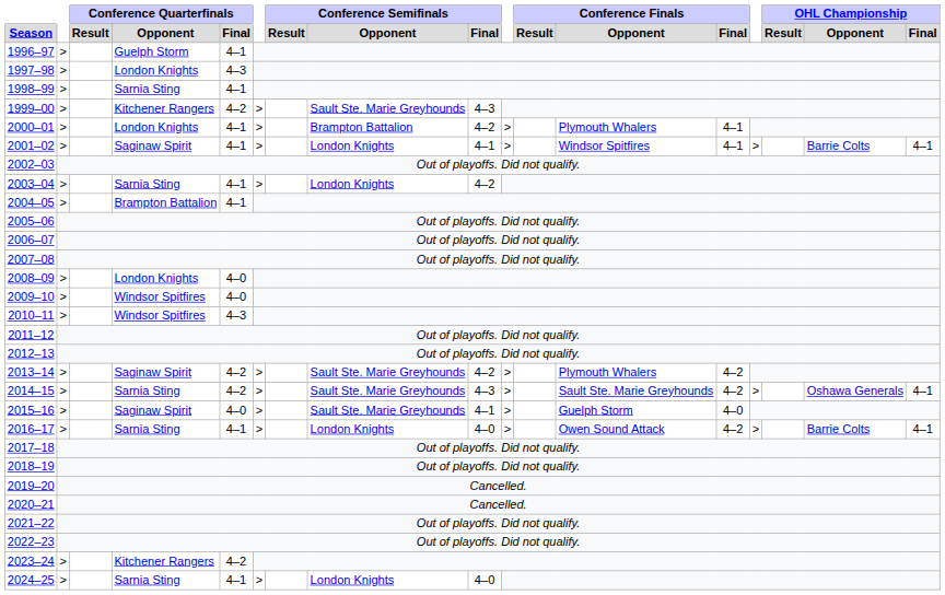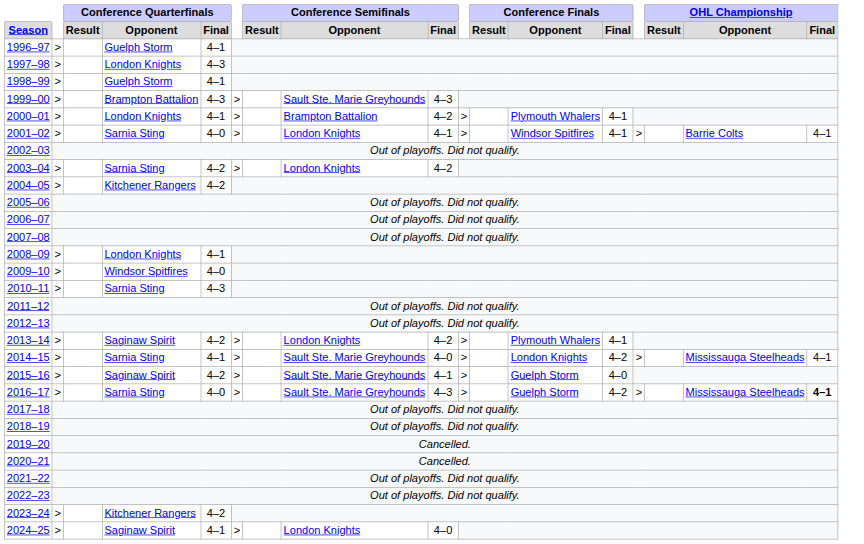 <table border="1" cellpadding="3" cellspacing="1" bgcolor="#ffffff" cellpadding="5" style="border: 1px #aaaaaa solid; border-collapse: collapse;">
 <tr align="center" bgcolor="#fff">
 <th colspan="2" style="border-top: 1px solid #FFF; border-left: 1px solid #FFF;"></th>
 <th bgcolor="#ccf" colspan="3">Conference Quarterfinals</th>
 <th style="border-top: 1px solid #FFF;"></th>
 <th bgcolor="#ccf" colspan="3">Conference Semifinals</th>
 <th style="border-top: 1px solid #FFF;"></th>
 <th bgcolor="#ccf" colspan="3">Conference Finals</th>
 <th style="border-top: 1px solid #FFF;"></th>
 <th bgcolor="#ccf" colspan="3"><a href='#'>OHL Championship</a></th>
 </tr>
 <tr align="center" bgcolor="#ddd">
 <th><a href='#'>Season</a></th>
 <th style="border-top: 1px solid #FFF; " bgcolor="#fff"></th>
 <th>Result</th>
 <th>Opponent</th>
 <th>Final</th>
 <th style="border-top: 1px solid #FFF; " bgcolor="#fff"></th>
 <th>Result</th>
 <th>Opponent</th>
 <th>Final</th>
 <th style="border-top: 1px solid #FFF; " bgcolor="#fff"></th>
 <th>Result</th>
 <th>Opponent</th>
 <th>Final</th>
 <th style="border-top: 1px solid #FFF; " bgcolor="#fff"></th>
 <th>Result</th>
 <th>Opponent</th>
 <th>Final</th>
 </tr>
 <tr align="center">
 <td><a href='#'>1996–97</a></td>
 <td>></td>
 <td></td>
 <td align="left"><a href='#'>Guelph Storm</a></td>
 <td>4–1</td>
 <td bgcolor="#f8f9fa" colspan="12"></td>
 </tr>
 <tr align="center">
 <td><a href='#'>1997–98</a></td>
 <td>></td>
 <td></td>
 <td align="left"><a href='#'>London Knights</a></td>
 <td>4–3</td>
 <td bgcolor="#f8f9fa" colspan="12"></td>
 </tr>
 <tr align="center">
 <td><a href='#'>1998–99</a></td>
 <td>></td>
 <td></td>
-<td align="left"><a href='#'>Sarnia Sting</a></td>
+<td align="left"><a href='#'>Guelph Storm</a></td>
 <td>4–1</td>
 <td bgcolor="#f8f9fa" colspan="12"></td>
 </tr>
 <tr align="center">
 <td><a href='#'>1999–00</a></td>
 <td>></td>
 <td></td>
-<td align="left"><a href='#'>Kitchener Rangers</a></td>
-<td>4–2</td>
+<td align="left"><a href='#'>Brampton Battalion</a></td>
+<td>4–3</td>
 <td>></td>
 <td></td>
 <td align="left"><a href='#'>Sault Ste. Marie Greyhounds</a></td>
 <td>4–3</td>
 <td bgcolor="#f8f9fa" colspan="8"></td>
 </tr>
 <tr align="center">
 <td><a href='#'>2000–01</a></td>
 <td>></td>
 <td></td>
 <td align="left"><a href='#'>London Knights</a></td>
 <td>4–1</td>
 <td>></td>
 <td></td>
 <td align="left"><a href='#'>Brampton Battalion</a></td>
 <td>4–2</td>
 <td>></td>
 <td></td>
 <td align="left"><a href='#'>Plymouth Whalers</a></td>
 <td>4–1</td>
 <td bgcolor="#f8f9fa" colspan="4"></td>
 </tr>
 <tr align="center">
 <td><a href='#'>2001–02</a></td>
 <td>></td>
 <td></td>
-<td align="left"><a href='#'>Saginaw Spirit</a></td>
-<td>4–1</td>
+<td align="left"><a href='#'>Sarnia Sting</a></td>
+<td>4–0</td>
 <td>></td>
 <td></td>
 <td align="left"><a href='#'>London Knights</a></td>
 <td>4–1</td>
 <td>></td>
 <td></td>
 <td align="left"><a href='#'>Windsor Spitfires</a></td>
 <td>4–1</td>
 <td>></td>
 <td></td>
 <td align="left"><a href='#'>Barrie Colts</a></td>
 <td>4–1</td>
 </tr>
 <tr align="center">
 <td><a href='#'>2002–03</a></td>
 <td align="center" bgcolor="#f8f9fa" colspan="16"><em>Out of playoffs. Did not qualify.</em></td>
 </tr>
 <tr align="center">
 <td><a href='#'>2003–04</a></td>
 <td>></td>
 <td></td>
 <td align="left"><a href='#'>Sarnia Sting</a></td>
-<td>4–1</td>
+<td>4–2</td>
 <td>></td>
 <td></td>
 <td align="left"><a href='#'>London Knights</a></td>
 <td>4–2</td>
 <td bgcolor="#f8f9fa" colspan="8"></td>
 </tr>
 <tr align="center">
 <td><a href='#'>2004–05</a></td>
 <td>></td>
 <td></td>
-<td align="left"><a href='#'>Brampton Battalion</a></td>
-<td>4–1</td>
+<td align="left"><a href='#'>Kitchener Rangers</a></td>
+<td>4–2</td>
 <td bgcolor="#f8f9fa" colspan="12"></td>
 </tr>
 <tr align="center">
 <td><a href='#'>2005–06</a></td>
 <td align="center" bgcolor="#f8f9fa" colspan="16"><em>Out of playoffs. Did not qualify.</em></td>
 </tr>
 <tr align="center">
 <td><a href='#'>2006–07</a></td>
 <td align="center" bgcolor="#f8f9fa" colspan="16"><em>Out of playoffs. Did not qualify.</em></td>
 </tr>
 <tr align="center">
 <td><a href='#'>2007–08</a></td>
 <td align="center" bgcolor="#f8f9fa" colspan="16"><em>Out of playoffs. Did not qualify.</em></td>
 </tr>
 <tr align="center">
 <td><a href='#'>2008–09</a></td>
 <td>></td>
 <td></td>
 <td align="left"><a href='#'>London Knights</a></td>
-<td>4–0</td>
+<td>4–1</td>
 <td bgcolor="#f8f9fa" colspan="12"></td>
 </tr>
 <tr align="center">
 <td><a href='#'>2009–10</a></td>
 <td>></td>
 <td></td>
 <td align="left"><a href='#'>Windsor Spitfires</a></td>
 <td>4–0</td>
 <td bgcolor="#f8f9fa" colspan="12"></td>
 </tr>
 <tr align="center">
 <td><a href='#'>2010–11</a></td>
 <td>></td>
 <td></td>
-<td align="left"><a href='#'>Windsor Spitfires</a></td>
+<td align="left"><a href='#'>Sarnia Sting</a></td>
 <td>4–3</td>
 <td bgcolor="#f8f9fa" colspan="12"></td>
 </tr>
 <tr align="center">
 <td><a href='#'>2011–12</a></td>
 <td align="center" bgcolor="#f8f9fa" colspan="16"><em>Out of playoffs. Did not qualify.</em></td>
 </tr>
 <tr align="center">
 <td><a href='#'>2012–13</a></td>
 <td align="center" bgcolor="#f8f9fa" colspan="16"><em>Out of playoffs. Did not qualify.</em></td>
 </tr>
 <tr align="center">
 <td><a href='#'>2013–14</a></td>
 <td>></td>
 <td></td>
 <td align="left"><a href='#'>Saginaw Spirit</a></td>
 <td>4–2</td>
 <td>></td>
 <td></td>
-<td align="left"><a href='#'>Sault Ste. Marie Greyhounds</a></td>
+<td align="left"><a href='#'>London Knights</a></td>
 <td>4–2</td>
 <td>></td>
 <td></td>
 <td align="left"><a href='#'>Plymouth Whalers</a></td>
-<td>4–2</td>
+<td>4–1</td>
 <td bgcolor="#f8f9fa" colspan="4"></td>
 </tr>
 <tr align="center">
 <td><a href='#'>2014–15</a></td>
 <td>></td>
 <td></td>
 <td align="left"><a href='#'>Sarnia Sting</a></td>
+<td>4–1</td>
+<td>></td>
+<td></td>
+<td align="left"><a href='#'>Sault Ste. Marie Greyhounds</a></td>
+<td>4–0</td>
+<td>></td>
+<td></td>
+<td align="left"><a href='#'>London Knights</a></td>
 <td>4–2</td>
 <td>></td>
 <td></td>
-<td align="left"><a href='#'>Sault Ste. Marie Greyhounds</a></td>
-<td>4–3</td>
-<td>></td>
-<td></td>
-<td align="left"><a href='#'>Sault Ste. Marie Greyhounds</a></td>
-<td>4–2</td>
-<td>></td>
-<td></td>
-<td align="left"><a href='#'>Oshawa Generals</a></td>
+<td align=><a href='#'>Mississauga Steelheads</a></td>
 <td>4–1</td>
 </tr>
 <tr align="center">
 <td><a href='#'>2015–16</a></td>
 <td>></td>
 <td></td>
 <td align="left"><a href='#'>Saginaw Spirit</a></td>
-<td>4–0</td>
+<td>4–2</td>
 <td>></td>
 <td></td>
 <td align="left"><a href='#'>Sault Ste. Marie Greyhounds</a></td>
 <td>4–1</td>
 <td>></td>
 <td></td>
 <td align="left"><a href='#'>Guelph Storm</a></td>
 <td>4–0</td>
 <td bgcolor="#f8f9fa" colspan="4"></td>
 </tr>
 <tr align="center">
 <td><a href='#'>2016–17</a></td>
 <td>></td>
 <td></td>
 <td align="left"><a href='#'>Sarnia Sting</a></td>
-<td>4–1</td>
-<td>></td>
-<td></td>
-<td align="left"><a href='#'>London Knights</a></td>
 <td>4–0</td>
 <td>></td>
 <td></td>
-<td align="left"><a href='#'>Owen Sound Attack</a></td>
+<td align="left"><a href='#'>Sault Ste. Marie Greyhounds</a></td>
+<td>4–3</td>
+<td>></td>
+<td></td>
+<td align="left"><a href='#'>Guelph Storm</a></td>
 <td>4–2</td>
 <td>></td>
 <td></td>
-<td align="left"><a href='#'>Barrie Colts</a></td>
-<td>4–1</td>
+<td align=><a href='#'>Mississauga Steelheads</a></td>
+<td><strong>4–1</strong></td>
 </tr>
 <tr align="center">
 <td><a href='#'>2017–18</a></td>
 <td align="center" bgcolor="#f8f9fa" colspan="16"><em>Out of playoffs. Did not qualify.</em></td>
 </tr>
 <tr align="center">
 <td><a href='#'>2018–19</a></td>
 <td align="center" bgcolor="#f8f9fa" colspan="16"><em>Out of playoffs. Did not qualify.</em></td>
 </tr>
 <tr align="center">
 <td><a href='#'>2019–20</a></td>
 <td align="center" bgcolor="#f8f9fa" colspan="16"><em>Cancelled.</em></td>
 </tr>
 <tr align="center">
 <td><a href='#'>2020–21</a></td>
 <td align="center" bgcolor="#f8f9fa" colspan="16"><em>Cancelled.</em></td>
 </tr>
 <tr align="center">
 <td><a href='#'>2021–22</a></td>
 <td align="center" bgcolor="#f8f9fa" colspan="16"><em>Out of playoffs. Did not qualify.</em></td>
 </tr>
 <tr align="center">
 <td><a href='#'>2022–23</a></td>
 <td align="center" bgcolor="#f8f9fa" colspan="16"><em>Out of playoffs. Did not qualify.</em></td>
 </tr>
 <tr align="center">
 <td><a href='#'>2023–24</a></td>
 <td>></td>
 <td></td>
 <td align="left"><a href='#'>Kitchener Rangers</a></td>
 <td>4–2</td>
 <td bgcolor="#f8f9fa" colspan="12"></td>
 </tr>
 <tr align="center">
 <td><a href='#'>2024–25</a></td>
 <td>></td>
 <td></td>
-<td align="left"><a href='#'>Sarnia Sting</a></td>
+<td align="left"><a href='#'>Saginaw Spirit</a></td>
 <td>4–1</td>
 <td>></td>
 <td></td>
 <td align="left"><a href='#'>London Knights</a></td>
 <td>4–0</td>
 <td bgcolor="#f8f9fa" colspan="8"></td>
 </tr>
 </table>
